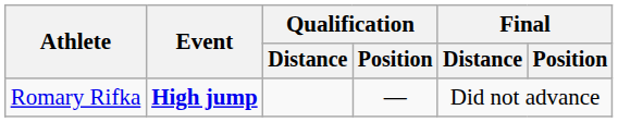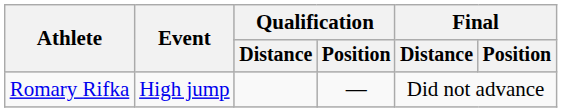 <table class=wikitable style="font-size:90%">
 <tr>
 <th rowspan="2">Athlete</th>
 <th rowspan="2">Event</th>
 <th colspan="2">Qualification</th>
 <th colspan="2">Final</th>
 </tr>
 <tr style="font-size:95%">
 <th>Distance</th>
 <th>Position</th>
 <th>Distance</th>
 <th>Position</th>
 </tr>
 <tr align=center>
 <td align=left><a href='#'>Romary Rifka</a></td>
-<td align=left><strong><a href='#'>High jump</a></strong></td>
+<td align=left><a href='#'>High jump</a></td>
 <td></td>
 <td>—</td>
 <td colspan=2>Did not advance</td>
 </tr>
 </table>
